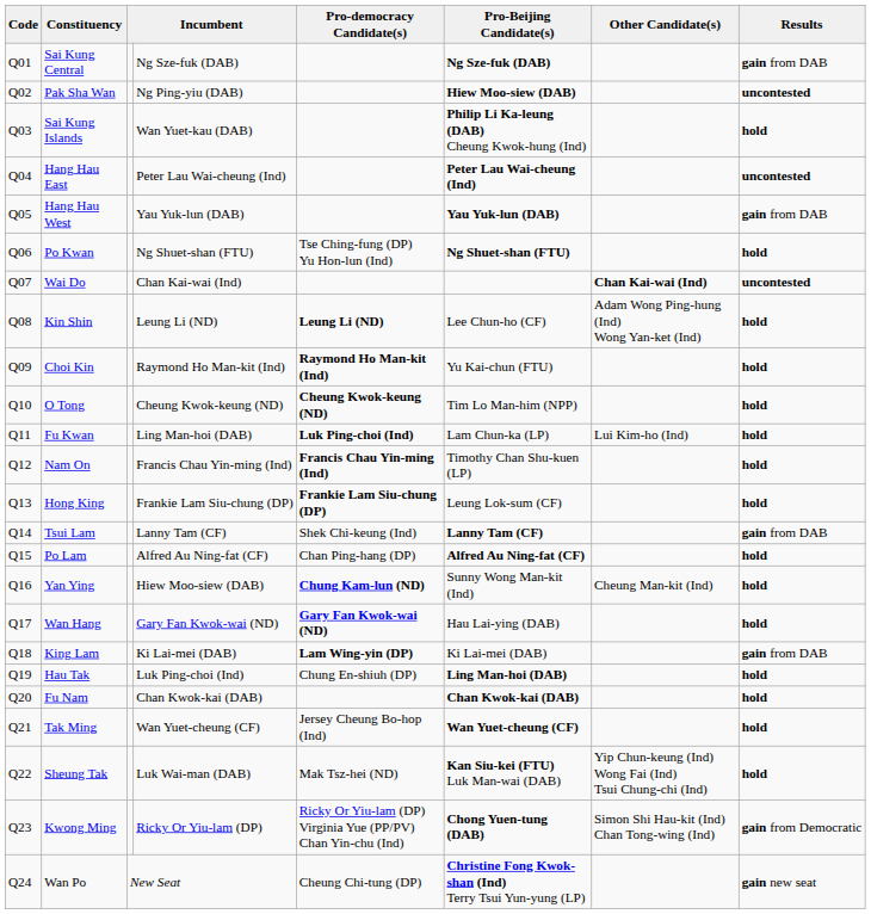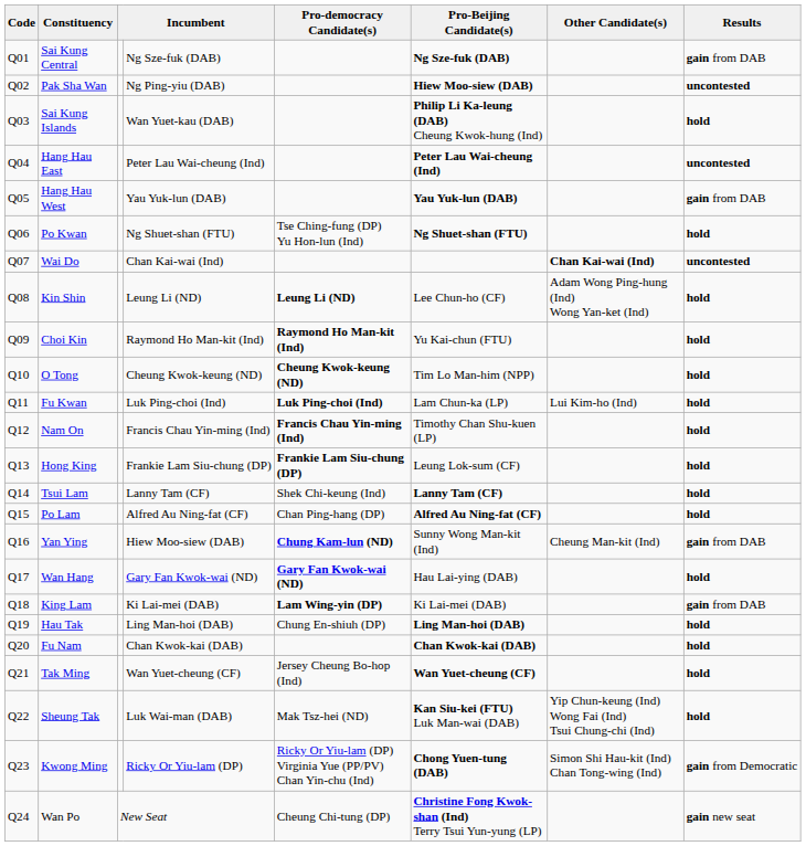 <table class="wikitable" style="font-size: 95%;">
 <tr>
 <th align="center" style="background:#f0f0f0;" width="20px">Code</th>
 <th align="center" style="background:#f0f0f0;" width="90px">Constituency</th>
 <th align="center" style="background:#f0f0f0;" width="120px" colspan=2>Incumbent</th>
 <th align="center" style="background:#f0f0f0;" width="160px">Pro-democracy Candidate(s)</th>
 <th align="center" style="background:#f0f0f0;" width="160px">Pro-Beijing Candidate(s)</th>
 <th align="center" style="background:#f0f0f0;" width="160px">Other Candidate(s)</th>
 <th align="center" style="background:#f0f0f0;" width="100px" colspan="2">Results</th>
 </tr>
 <tr>
 <td>Q01</td>
 <td><a href='#'>Sai Kung Central</a></td>
 <td></td>
 <td>Ng Sze-fuk (DAB)</td>
 <td></td>
 <td><strong>Ng Sze-fuk (DAB)</strong></td>
 <td></td>
 <td> <strong>gain</strong> from DAB</td>
 </tr>
 <tr>
 <td>Q02</td>
 <td><a href='#'>Pak Sha Wan</a></td>
 <td></td>
 <td>Ng Ping-yiu (DAB)</td>
 <td></td>
 <td><strong>Hiew Moo-siew (DAB)</strong></td>
 <td></td>
 <td> <strong>uncontested</strong></td>
 </tr>
 <tr>
 <td>Q03</td>
 <td><a href='#'>Sai Kung Islands</a></td>
 <td></td>
 <td>Wan Yuet-kau (DAB)</td>
 <td></td>
 <td><strong>Philip Li Ka-leung (DAB)</strong><br>Cheung Kwok-hung (Ind)</td>
 <td></td>
 <td> <strong>hold</strong></td>
 </tr>
 <tr>
 <td>Q04</td>
 <td><a href='#'>Hang Hau East</a></td>
 <td></td>
 <td>Peter Lau Wai-cheung (Ind)</td>
 <td></td>
 <td><strong>Peter Lau Wai-cheung (Ind)</strong></td>
 <td></td>
 <td> <strong>uncontested</strong></td>
 </tr>
 <tr>
 <td>Q05</td>
 <td><a href='#'>Hang Hau West</a></td>
 <td></td>
 <td>Yau Yuk-lun (DAB)</td>
 <td></td>
 <td><strong>Yau Yuk-lun (DAB)</strong></td>
 <td></td>
 <td> <strong>gain</strong> from DAB</td>
 </tr>
 <tr>
 <td>Q06</td>
 <td><a href='#'>Po Kwan</a></td>
 <td></td>
 <td>Ng Shuet-shan (FTU)</td>
 <td>Tse Ching-fung (DP)<br>Yu Hon-lun (Ind)</td>
 <td><strong>Ng Shuet-shan (FTU)</strong></td>
 <td></td>
 <td> <strong>hold</strong></td>
 </tr>
 <tr>
 <td>Q07</td>
 <td><a href='#'>Wai Do</a></td>
 <td></td>
 <td>Chan Kai-wai (Ind)</td>
 <td></td>
 <td></td>
 <td><strong>Chan Kai-wai (Ind)</strong></td>
 <td> <strong>uncontested</strong></td>
 </tr>
 <tr>
 <td>Q08</td>
 <td><a href='#'>Kin Shin</a></td>
 <td></td>
 <td>Leung Li (ND)</td>
 <td><strong>Leung Li (ND)</strong></td>
 <td>Lee Chun-ho (CF)</td>
 <td>Adam Wong Ping-hung (Ind)<br>Wong Yan-ket (Ind)</td>
 <td> <strong>hold</strong></td>
 </tr>
 <tr>
 <td>Q09</td>
 <td><a href='#'>Choi Kin</a></td>
 <td></td>
 <td>Raymond Ho Man-kit (Ind)</td>
 <td><strong>Raymond Ho Man-kit (Ind)</strong></td>
 <td>Yu Kai-chun (FTU)</td>
 <td></td>
 <td> <strong>hold</strong></td>
 </tr>
 <tr>
 <td>Q10</td>
 <td><a href='#'>O Tong</a></td>
 <td></td>
 <td>Cheung Kwok-keung (ND)</td>
 <td><strong>Cheung Kwok-keung (ND)</strong></td>
 <td>Tim Lo Man-him (NPP)</td>
 <td></td>
 <td> <strong>hold</strong></td>
 </tr>
 <tr>
 <td>Q11</td>
 <td><a href='#'>Fu Kwan</a></td>
 <td></td>
-<td>Ling Man-hoi (DAB)</td>
+<td>Luk Ping-choi (Ind)</td>
 <td><strong>Luk Ping-choi (Ind)</strong></td>
 <td>Lam Chun-ka (LP)</td>
 <td>Lui Kim-ho (Ind)</td>
 <td> <strong>hold</strong></td>
 </tr>
 <tr>
 <td>Q12</td>
 <td><a href='#'>Nam On</a></td>
 <td></td>
 <td>Francis Chau Yin-ming (Ind)</td>
 <td><strong>Francis Chau Yin-ming (Ind)</strong></td>
 <td>Timothy Chan Shu-kuen (LP)</td>
 <td></td>
 <td> <strong>hold</strong></td>
 </tr>
 <tr>
 <td>Q13</td>
 <td><a href='#'>Hong King</a></td>
 <td></td>
 <td>Frankie Lam Siu-chung (DP)</td>
 <td><strong>Frankie Lam Siu-chung (DP)</strong></td>
 <td>Leung Lok-sum (CF)</td>
 <td></td>
 <td> <strong>hold</strong></td>
 </tr>
 <tr>
 <td>Q14</td>
 <td><a href='#'>Tsui Lam</a></td>
 <td></td>
 <td>Lanny Tam (CF)</td>
 <td>Shek Chi-keung (Ind)</td>
 <td><strong>Lanny Tam (CF)</strong></td>
 <td></td>
-<td> <strong>gain</strong> from DAB</td>
+<td> <strong>hold</strong></td>
 </tr>
 <tr>
 <td>Q15</td>
 <td><a href='#'>Po Lam</a></td>
 <td></td>
 <td>Alfred Au Ning-fat (CF)</td>
 <td>Chan Ping-hang (DP)</td>
 <td><strong>Alfred Au Ning-fat (CF)</strong></td>
 <td></td>
 <td> <strong>hold</strong></td>
 </tr>
 <tr>
 <td>Q16</td>
 <td><a href='#'>Yan Ying</a></td>
 <td></td>
 <td>Hiew Moo-siew (DAB)</td>
 <td><strong><a href='#'>Chung Kam-lun</a> (ND)</strong></td>
 <td>Sunny Wong Man-kit (Ind) </td>
 <td>Cheung Man-kit (Ind)</td>
-<td> <strong>hold</strong></td>
+<td> <strong>gain</strong> from DAB</td>
 </tr>
 <tr>
 <td>Q17</td>
 <td><a href='#'>Wan Hang</a></td>
 <td></td>
 <td><a href='#'>Gary Fan Kwok-wai</a> (ND)</td>
 <td><strong><a href='#'>Gary Fan Kwok-wai</a> (ND)</strong></td>
 <td>Hau Lai-ying (DAB)</td>
 <td></td>
 <td> <strong>hold</strong></td>
 </tr>
 <tr>
 <td>Q18</td>
 <td><a href='#'>King Lam</a></td>
 <td></td>
 <td>Ki Lai-mei (DAB)</td>
 <td><strong>Lam Wing-yin (DP)</strong></td>
 <td>Ki Lai-mei (DAB)</td>
 <td></td>
 <td> <strong>gain</strong> from DAB</td>
 </tr>
 <tr>
 <td>Q19</td>
 <td><a href='#'>Hau Tak</a></td>
 <td></td>
-<td>Luk Ping-choi (Ind)</td>
+<td>Ling Man-hoi (DAB)</td>
 <td>Chung En-shiuh (DP)</td>
 <td><strong>Ling Man-hoi (DAB)</strong></td>
 <td></td>
 <td> <strong>hold</strong></td>
 </tr>
 <tr>
 <td>Q20</td>
 <td><a href='#'>Fu Nam</a></td>
 <td></td>
 <td>Chan Kwok-kai (DAB)</td>
 <td></td>
 <td><strong>Chan Kwok-kai (DAB)</strong></td>
 <td></td>
 <td> <strong>hold</strong></td>
 </tr>
 <tr>
 <td>Q21</td>
 <td><a href='#'>Tak Ming</a></td>
 <td></td>
 <td>Wan Yuet-cheung (CF)</td>
 <td>Jersey Cheung Bo-hop (Ind)</td>
 <td><strong>Wan Yuet-cheung (CF)</strong></td>
 <td></td>
 <td> <strong>hold</strong></td>
 </tr>
 <tr>
 <td>Q22</td>
 <td><a href='#'>Sheung Tak</a></td>
 <td></td>
 <td>Luk Wai-man (DAB)</td>
 <td>Mak Tsz-hei (ND)</td>
 <td><strong>Kan Siu-kei (FTU)</strong><br>Luk Man-wai (DAB)</td>
 <td>Yip Chun-keung (Ind) <br>Wong Fai (Ind)<br>Tsui Chung-chi (Ind)</td>
 <td> <strong>hold</strong></td>
 </tr>
 <tr>
 <td>Q23</td>
 <td><a href='#'>Kwong Ming</a></td>
 <td></td>
 <td><a href='#'>Ricky Or Yiu-lam</a> (DP)</td>
 <td><a href='#'>Ricky Or Yiu-lam</a> (DP)<br>Virginia Yue (PP/PV)<br>Chan Yin-chu (Ind)</td>
 <td><strong>Chong Yuen-tung (DAB)</strong></td>
 <td>Simon Shi Hau-kit (Ind)<br>Chan Tong-wing (Ind)</td>
 <td> <strong>gain</strong> from Democratic</td>
 </tr>
 <tr>
 <td>Q24</td>
 <td>Wan Po</td>
 <td colspan=2><em>New Seat</em></td>
 <td>Cheung Chi-tung (DP)</td>
 <td><strong><a href='#'>Christine Fong Kwok-shan</a> (Ind)</strong><br>Terry Tsui Yun-yung (LP)</td>
 <td></td>
 <td> <strong>gain</strong> new seat</td>
 </tr>
 </table>
